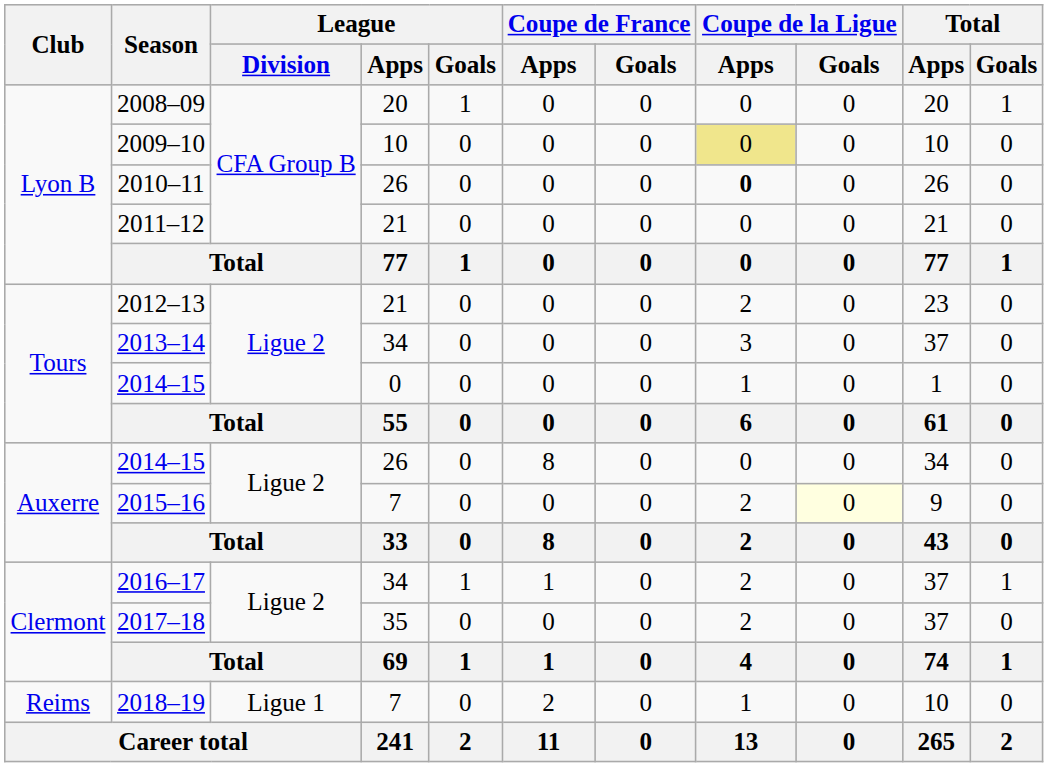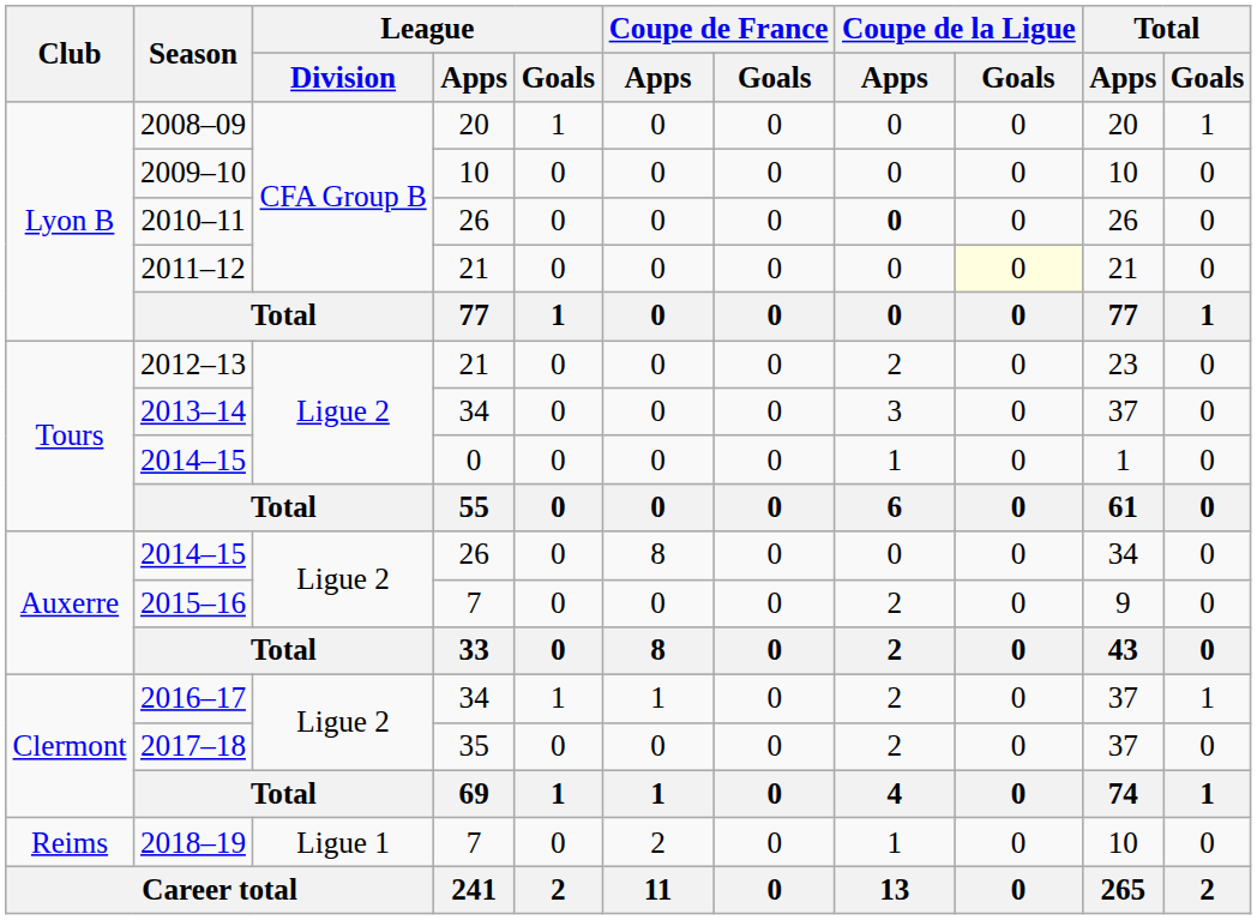 <table class="wikitable" style="text-align:center">
 <tr>
 <th rowspan="2">Club</th>
 <th rowspan="2">Season</th>
 <th colspan="3">League</th>
 <th colspan="2"><a href='#'>Coupe de France</a></th>
 <th colspan="2"><a href='#'>Coupe de la Ligue</a></th>
 <th colspan="2">Total</th>
 </tr>
 <tr>
 <th !rowspan="2"><a href='#'>Division</a></th>
 <th>Apps</th>
 <th>Goals</th>
 <th>Apps</th>
 <th>Goals</th>
 <th>Apps</th>
 <th>Goals</th>
 <th>Apps</th>
 <th>Goals</th>
 </tr>
 <tr>
 <td rowspan="5"><a href='#'>Lyon B</a></td>
 <td>2008–09</td>
 <td rowspan="4"><a href='#'>CFA Group B</a></td>
 <td>20</td>
 <td>1</td>
 <td>0</td>
 <td>0</td>
 <td>0</td>
 <td>0</td>
 <td>20</td>
 <td>1</td>
 </tr>
 <tr>
 <td>2009–10</td>
 <td>10</td>
 <td>0</td>
 <td>0</td>
 <td>0</td>
-<td style="background: khaki;">0</td>
+<td>0</td>
 <td>0</td>
 <td>10</td>
 <td>0</td>
 </tr>
 <tr>
 <td>2010–11</td>
 <td>26</td>
 <td>0</td>
 <td>0</td>
 <td>0</td>
 <td><strong>0</strong></td>
 <td>0</td>
 <td>26</td>
 <td>0</td>
 </tr>
 <tr>
 <td>2011–12</td>
 <td>21</td>
 <td>0</td>
 <td>0</td>
 <td>0</td>
 <td>0</td>
-<td>0</td>
+<td style="background: lightyellow;">0</td>
 <td>21</td>
 <td>0</td>
 </tr>
 <tr>
 <th colspan="2">Total</th>
 <th>77</th>
 <th>1</th>
 <th>0</th>
 <th>0</th>
 <th>0</th>
 <th>0</th>
 <th>77</th>
 <th>1</th>
 </tr>
 <tr>
 <td rowspan="4"><a href='#'>Tours</a></td>
 <td>2012–13</td>
 <td rowspan="3"><a href='#'>Ligue 2</a></td>
 <td>21</td>
 <td>0</td>
 <td>0</td>
 <td>0</td>
 <td>2</td>
 <td>0</td>
 <td>23</td>
 <td>0</td>
 </tr>
 <tr>
 <td><a href='#'>2013–14</a></td>
 <td>34</td>
 <td>0</td>
 <td>0</td>
 <td>0</td>
 <td>3</td>
 <td>0</td>
 <td>37</td>
 <td>0</td>
 </tr>
 <tr>
 <td><a href='#'>2014–15</a></td>
 <td>0</td>
 <td>0</td>
 <td>0</td>
 <td>0</td>
 <td>1</td>
 <td>0</td>
 <td>1</td>
 <td>0</td>
 </tr>
 <tr>
 <th colspan="2">Total</th>
 <th>55</th>
 <th>0</th>
 <th>0</th>
 <th>0</th>
 <th>6</th>
 <th>0</th>
 <th>61</th>
 <th>0</th>
 </tr>
 <tr>
 <td rowspan="3"><a href='#'>Auxerre</a></td>
 <td><a href='#'>2014–15</a></td>
 <td rowspan="2">Ligue 2</td>
 <td>26</td>
 <td>0</td>
 <td>8</td>
 <td>0</td>
 <td>0</td>
 <td>0</td>
 <td>34</td>
 <td>0</td>
 </tr>
 <tr>
 <td><a href='#'>2015–16</a></td>
 <td>7</td>
 <td>0</td>
 <td>0</td>
 <td>0</td>
 <td>2</td>
-<td style="background: lightyellow;">0</td>
+<td>0</td>
 <td>9</td>
 <td>0</td>
 </tr>
 <tr>
 <th colspan="2">Total</th>
 <th>33</th>
 <th>0</th>
 <th>8</th>
 <th>0</th>
 <th>2</th>
 <th>0</th>
 <th>43</th>
 <th>0</th>
 </tr>
 <tr>
 <td rowspan="3"><a href='#'>Clermont</a></td>
 <td><a href='#'>2016–17</a></td>
 <td rowspan="2">Ligue 2</td>
 <td>34</td>
 <td>1</td>
 <td>1</td>
 <td>0</td>
 <td>2</td>
 <td>0</td>
 <td>37</td>
 <td>1</td>
 </tr>
 <tr>
 <td><a href='#'>2017–18</a></td>
 <td>35</td>
 <td>0</td>
 <td>0</td>
 <td>0</td>
 <td>2</td>
 <td>0</td>
 <td>37</td>
 <td>0</td>
 </tr>
 <tr>
 <th colspan="2">Total</th>
 <th>69</th>
 <th>1</th>
 <th>1</th>
 <th>0</th>
 <th>4</th>
 <th>0</th>
 <th>74</th>
 <th>1</th>
 </tr>
 <tr>
 <td><a href='#'>Reims</a></td>
 <td><a href='#'>2018–19</a></td>
 <td>Ligue 1</td>
 <td>7</td>
 <td>0</td>
 <td>2</td>
 <td>0</td>
 <td>1</td>
 <td>0</td>
 <td>10</td>
 <td>0</td>
 </tr>
 <tr>
 <th colspan="3">Career total</th>
 <th>241</th>
 <th>2</th>
 <th>11</th>
 <th>0</th>
 <th>13</th>
 <th>0</th>
 <th>265</th>
 <th>2</th>
 </tr>
 </table>
